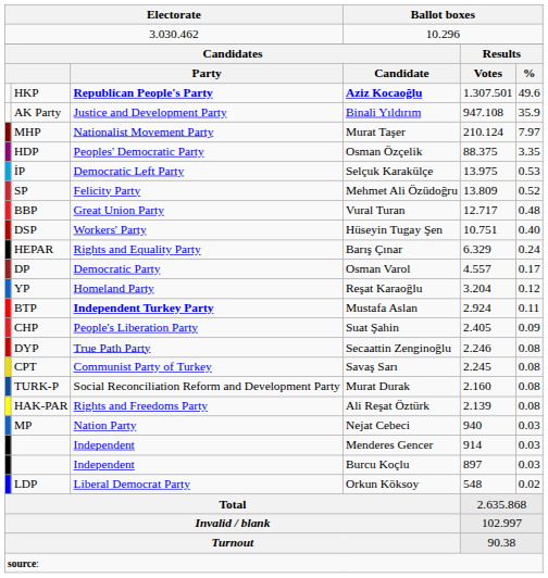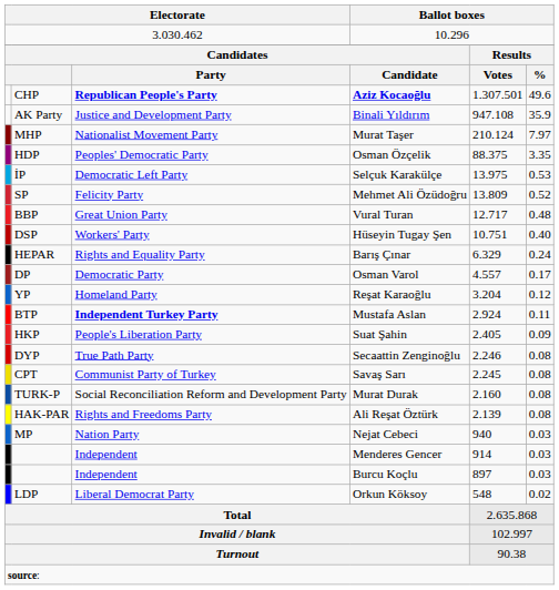 <table class="wikitable">
 <tr style="background-color:#F2F2F2">
 <td align="center" colspan="3"><strong>Electorate</strong></td>
 <td align="center" colspan="7"><strong>Ballot boxes</strong></td>
 </tr>
 <tr align="left">
 <td align="center" colspan="3">3.030.462</td>
 <td align="center" colspan="7">10.296</td>
 </tr>
 <tr>
 </tr>
 <tr style="background-color:#E9E9E9">
 </tr>
 <tr>
 <th align="center" colspan="4">Candidates</th>
 <th align="center" colspan="6">Results</th>
 </tr>
 <tr style="background-color:#E9E9E9">
 <th align="center" colspan="2"></th>
 <th align="center">Party</th>
 <th align="center">Candidate</th>
 <th align="center">Votes</th>
 <th align="center">%</th>
 </tr>
 <tr align="left">
 <td></td>
-<td>HKP</td>
+<td>CHP</td>
 <td><strong><a href='#'>Republican People's Party</a></strong></td>
 <td><strong><a href='#'>Aziz Kocaoğlu</a></strong></td>
 <td>1.307.501</td>
 <td>49.6</td>
 </tr>
 <tr align="left">
 <td></td>
 <td>AK Party</td>
 <td><a href='#'>Justice and Development Party</a></td>
 <td><a href='#'>Binali Yıldırım</a></td>
 <td>947.108</td>
 <td>35.9</td>
 </tr>
 <tr align="left">
 <td bgcolor="#870000" width=1></td>
 <td>MHP</td>
 <td><a href='#'>Nationalist Movement Party</a></td>
 <td>Murat Taşer</td>
 <td>210.124</td>
 <td>7.97</td>
 </tr>
 <tr align="left">
 <td bgcolor="#91007B" width=1></td>
 <td>HDP</td>
 <td><a href='#'>Peoples' Democratic Party</a></td>
 <td>Osman Özçelik</td>
 <td>88.375</td>
 <td>3.35</td>
 </tr>
 <tr align="left">
 <td bgcolor="#01A7E1" width=1></td>
 <td>İP</td>
 <td><a href='#'>Democratic Left Party</a></td>
 <td>Selçuk Karakülçe</td>
 <td>13.975</td>
 <td>0.53</td>
 </tr>
 <tr align="left">
 <td bgcolor="#D02433" width=1></td>
 <td>SP</td>
 <td><a href='#'>Felicity Party</a></td>
 <td>Mehmet Ali Özüdoğru</td>
 <td>13.809</td>
 <td>0.52</td>
 </tr>
 <tr align="left">
 <td bgcolor="#ED1C24" width=1></td>
 <td>BBP</td>
 <td><a href='#'>Great Union Party</a></td>
 <td>Vural Turan</td>
 <td>12.717</td>
 <td>0.48</td>
 </tr>
 <tr align="left">
 <td bgcolor="#BB0000" width=1></td>
 <td>DSP</td>
 <td><a href='#'>Workers' Party</a></td>
 <td>Hüseyin Tugay Şen</td>
 <td>10.751</td>
 <td>0.40</td>
 </tr>
 <tr align="left">
 <td bgcolor="#000000" width=1></td>
 <td>HEPAR</td>
 <td><a href='#'>Rights and Equality Party</a></td>
 <td>Barış Çınar</td>
 <td>6.329</td>
 <td>0.24</td>
 </tr>
 <tr align="left">
 <td bgcolor="#9D1D1E" width=1></td>
 <td>DP</td>
 <td><a href='#'>Democratic Party</a></td>
 <td>Osman Varol</td>
 <td>4.557</td>
 <td>0.17</td>
 </tr>
 <tr align="left">
 <td bgcolor="#0C63CA" width=1></td>
 <td>YP</td>
 <td><a href='#'>Homeland Party</a></td>
 <td>Reşat Karaoğlu</td>
 <td>3.204</td>
 <td>0.12</td>
 </tr>
 <tr align="left">
 <td bgcolor="#FE0000" width=1></td>
 <td>BTP</td>
 <td><strong><a href='#'>Independent Turkey Party</a></strong></td>
 <td>Mustafa Aslan</td>
 <td>2.924</td>
 <td>0.11</td>
 </tr>
 <tr align="left">
 <td bgcolor="#EA1F25" width=1></td>
-<td>CHP</td>
+<td>HKP</td>
 <td><a href='#'>People's Liberation Party</a></td>
 <td>Suat Şahin</td>
 <td>2.405</td>
 <td>0.09</td>
 </tr>
 <tr align="left">
 <td bgcolor="#d50000" width=1></td>
 <td>DYP</td>
 <td><a href='#'>True Path Party</a></td>
 <td>Secaattin Zenginoğlu</td>
 <td>2.246</td>
 <td>0.08</td>
 </tr>
 <tr align="left">
 <td bgcolor="#EFDF00" width=1></td>
 <td>CPT</td>
 <td><a href='#'>Communist Party of Turkey</a></td>
 <td>Savaş Sarı</td>
 <td>2.245</td>
 <td>0.08</td>
 </tr>
 <tr align="left">
 <td bgcolor="#0C4DA2" width=1></td>
 <td>TURK-P</td>
 <td>Social Reconciliation Reform and Development Party</td>
 <td>Murat Durak</td>
 <td>2.160</td>
 <td>0.08</td>
 </tr>
 <tr align="left">
 <td bgcolor="yellow" width=1></td>
 <td>HAK-PAR</td>
 <td><a href='#'>Rights and Freedoms Party</a></td>
 <td>Ali Reşat Öztürk</td>
 <td>2.139</td>
 <td>0.08</td>
 </tr>
 <tr align="left">
 <td bgcolor="#0C63CA" width=1></td>
 <td>MP</td>
 <td><a href='#'>Nation Party</a></td>
 <td>Nejat Cebeci</td>
 <td>940</td>
 <td>0.03</td>
 </tr>
 <tr align="left">
 <td bgcolor=" " width=1></td>
 <td></td>
 <td><a href='#'>Independent</a></td>
 <td>Menderes Gencer</td>
 <td>914</td>
 <td>0.03</td>
 </tr>
 <tr align="left">
 <td bgcolor=" " width=1></td>
 <td></td>
 <td><a href='#'>Independent</a></td>
 <td>Burcu Koçlu</td>
 <td>897</td>
 <td>0.03</td>
 </tr>
 <tr align="left">
 <td bgcolor="blue" width=1></td>
 <td>LDP</td>
 <td><a href='#'>Liberal Democrat Party</a></td>
 <td>Orkun Köksoy</td>
 <td>548</td>
 <td>0.02</td>
 </tr>
 <tr style="background-color:#E9E9E9" align="left">
 <th align="center" colspan="4"><strong>Total</strong></th>
 <td align="center" colspan="5">2.635.868</td>
 </tr>
 <tr style="background-color:#E9E9E9" align="left">
 <th align="center" colspan="4"><em>Invalid / blank</em></th>
 <td align="center" colspan="5">102.997</td>
 </tr>
 <tr style="background-color:#E9E9E9" align="left">
 <th align="center" colspan="4"><em>Turnout</em></th>
 <td align="center" colspan="5">90.38</td>
 </tr>
 <tr>
 <td align="left" colspan=10><small><strong>source</strong>: </small></td>
 </tr>
 </table>
